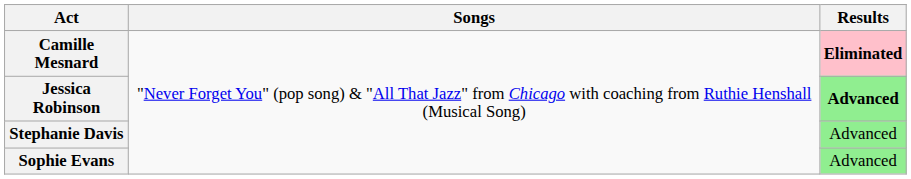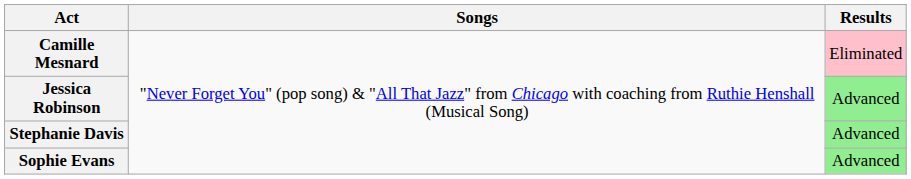 <table class="wikitable plainrowheaders" style="text-align:center;">
 <tr>
 <th scope="col">Act</th>
 <th scope="col">Songs</th>
 <th scope="col">Results</th>
 </tr>
 <tr>
 <th scope="row">Camille Mesnard</th>
 <td rowspan="4">"<a href='#'>Never Forget You</a>"  (pop song) & "<a href='#'>All That Jazz</a>" from <em><a href='#'>Chicago</a></em> with coaching  from <a href='#'>Ruthie Henshall</a> (Musical Song)</td>
-<td style="background:pink;"><strong>Eliminated</strong></td>
+<td style="background:pink;">Eliminated</td>
 </tr>
 <tr>
 <th scope="row">Jessica Robinson</th>
-<td style="background:lightgreen;"><strong>Advanced</strong></td>
+<td style="background:lightgreen;">Advanced</td>
 </tr>
 <tr>
 <th scope="row">Stephanie Davis</th>
 <td style="background:lightgreen;">Advanced</td>
 </tr>
 <tr>
 <th scope="row">Sophie Evans</th>
 <td style="background:lightgreen;">Advanced</td>
 </tr>
 </table>
